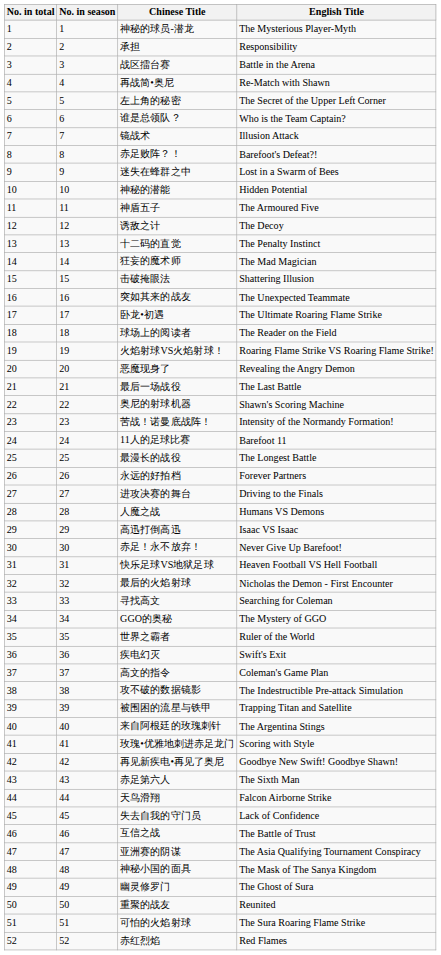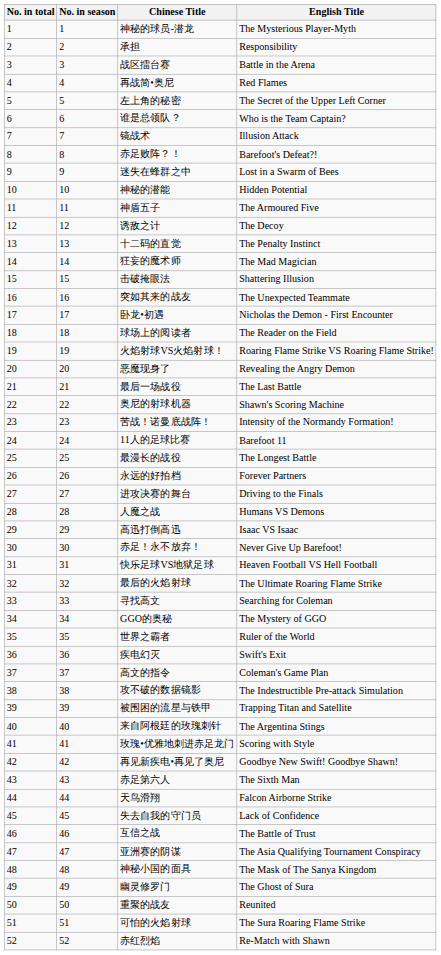 <table class="wikitable">
 <tr bgcolor="#CCC">
 <th>No. in total</th>
 <th>No. in season</th>
 <th>Chinese Title</th>
 <th>English Title</th>
 </tr>
 <tr>
 <td>1</td>
 <td>1</td>
 <td>神秘的球员-潜龙</td>
 <td>The Mysterious Player-Myth</td>
 </tr>
 <tr>
 <td>2</td>
 <td>2</td>
 <td>承担</td>
 <td>Responsibility</td>
 </tr>
 <tr>
 <td>3</td>
 <td>3</td>
 <td>战区擂台赛</td>
 <td>Battle in the Arena</td>
 </tr>
 <tr>
 <td>4</td>
 <td>4</td>
 <td>再战简•奥尼</td>
-<td>Re-Match with Shawn</td>
+<td>Red Flames</td>
 </tr>
 <tr>
 <td>5</td>
 <td>5</td>
 <td>左上角的秘密</td>
 <td>The Secret of the Upper Left Corner</td>
 </tr>
 <tr>
 <td>6</td>
 <td>6</td>
 <td>谁是总领队？</td>
 <td>Who is the Team Captain?</td>
 </tr>
 <tr>
 <td>7</td>
 <td>7</td>
 <td>镜战术</td>
 <td>Illusion Attack</td>
 </tr>
 <tr>
 <td>8</td>
 <td>8</td>
 <td>赤足败阵？！</td>
 <td>Barefoot's Defeat?!</td>
 </tr>
 <tr>
 <td>9</td>
 <td>9</td>
 <td>迷失在蜂群之中</td>
 <td>Lost in a Swarm of Bees</td>
 </tr>
 <tr>
 <td>10</td>
 <td>10</td>
 <td>神秘的潜能</td>
 <td>Hidden Potential</td>
 </tr>
 <tr>
 <td>11</td>
 <td>11</td>
 <td>神盾五子</td>
 <td>The Armoured Five</td>
 </tr>
 <tr>
 <td>12</td>
 <td>12</td>
 <td>诱敌之计</td>
 <td>The Decoy</td>
 </tr>
 <tr>
 <td>13</td>
 <td>13</td>
 <td>十二码的直觉</td>
 <td>The Penalty Instinct</td>
 </tr>
 <tr>
 <td>14</td>
 <td>14</td>
 <td>狂妄的魔术师</td>
 <td>The Mad Magician</td>
 </tr>
 <tr>
 <td>15</td>
 <td>15</td>
 <td>击破掩眼法</td>
 <td>Shattering Illusion</td>
 </tr>
 <tr>
 <td>16</td>
 <td>16</td>
 <td>突如其来的战友</td>
 <td>The Unexpected Teammate</td>
 </tr>
 <tr>
 <td>17</td>
 <td>17</td>
 <td>卧龙•初遇</td>
-<td>The Ultimate Roaring Flame Strike</td>
+<td>Nicholas the Demon - First Encounter</td>
 </tr>
 <tr>
 <td>18</td>
 <td>18</td>
 <td>球场上的阅读者</td>
 <td>The Reader on the Field</td>
 </tr>
 <tr>
 <td>19</td>
 <td>19</td>
 <td>火焰射球VS火焰射球！</td>
 <td>Roaring Flame Strike VS Roaring Flame Strike!</td>
 </tr>
 <tr>
 <td>20</td>
 <td>20</td>
 <td>恶魔现身了</td>
 <td>Revealing the Angry Demon</td>
 </tr>
 <tr>
 <td>21</td>
 <td>21</td>
 <td>最后一场战役</td>
 <td>The Last Battle</td>
 </tr>
 <tr>
 <td>22</td>
 <td>22</td>
 <td>奥尼的射球机器</td>
 <td>Shawn's Scoring Machine</td>
 </tr>
 <tr>
 <td>23</td>
 <td>23</td>
 <td>苦战！诺曼底战阵！</td>
 <td>Intensity of the Normandy Formation!</td>
 </tr>
 <tr>
 <td>24</td>
 <td>24</td>
 <td>11人的足球比赛</td>
 <td>Barefoot 11</td>
 </tr>
 <tr>
 <td>25</td>
 <td>25</td>
 <td>最漫长的战役</td>
 <td>The Longest Battle</td>
 </tr>
 <tr>
 <td>26</td>
 <td>26</td>
 <td>永远的好拍档</td>
 <td>Forever Partners</td>
 </tr>
 <tr>
 <td>27</td>
 <td>27</td>
 <td>进攻决赛的舞台</td>
 <td>Driving to the Finals</td>
 </tr>
 <tr>
 <td>28</td>
 <td>28</td>
 <td>人魔之战</td>
 <td>Humans VS Demons</td>
 </tr>
 <tr>
 <td>29</td>
 <td>29</td>
 <td>高迅打倒高迅</td>
 <td>Isaac VS Isaac</td>
 </tr>
 <tr>
 <td>30</td>
 <td>30</td>
 <td>赤足！永不放弃！</td>
 <td>Never Give Up Barefoot!</td>
 </tr>
 <tr>
 <td>31</td>
 <td>31</td>
 <td>快乐足球VS地狱足球</td>
 <td>Heaven Football VS Hell Football</td>
 </tr>
 <tr>
 <td>32</td>
 <td>32</td>
 <td>最后的火焰射球</td>
-<td>Nicholas the Demon - First Encounter</td>
+<td>The Ultimate Roaring Flame Strike</td>
 </tr>
 <tr>
 <td>33</td>
 <td>33</td>
 <td>寻找高文</td>
 <td>Searching for Coleman</td>
 </tr>
 <tr>
 <td>34</td>
 <td>34</td>
 <td>GGO的奥秘</td>
 <td>The Mystery of GGO</td>
 </tr>
 <tr>
 <td>35</td>
 <td>35</td>
 <td>世界之霸者</td>
 <td>Ruler of the World</td>
 </tr>
 <tr>
 <td>36</td>
 <td>36</td>
 <td>疾电幻灭</td>
 <td>Swift's Exit</td>
 </tr>
 <tr>
 <td>37</td>
 <td>37</td>
 <td>高文的指令</td>
 <td>Coleman's Game Plan</td>
 </tr>
 <tr>
 <td>38</td>
 <td>38</td>
 <td>攻不破的数据镜影</td>
 <td>The Indestructible Pre-attack Simulation</td>
 </tr>
 <tr>
 <td>39</td>
 <td>39</td>
 <td>被围困的流星与铁甲</td>
 <td>Trapping Titan and Satellite</td>
 </tr>
 <tr>
 <td>40</td>
 <td>40</td>
 <td>来自阿根廷的玫瑰刺针</td>
 <td>The Argentina Stings</td>
 </tr>
 <tr>
 <td>41</td>
 <td>41</td>
 <td>玫瑰•优雅地刺进赤足龙门</td>
 <td>Scoring with Style</td>
 </tr>
 <tr>
 <td>42</td>
 <td>42</td>
 <td>再见新疾电•再见了奥尼</td>
 <td>Goodbye New Swift! Goodbye Shawn!</td>
 </tr>
 <tr>
 <td>43</td>
 <td>43</td>
 <td>赤足第六人</td>
 <td>The Sixth Man</td>
 </tr>
 <tr>
 <td>44</td>
 <td>44</td>
 <td>天鸟滑翔</td>
 <td>Falcon Airborne Strike</td>
 </tr>
 <tr>
 <td>45</td>
 <td>45</td>
 <td>失去自我的守门员</td>
 <td>Lack of Confidence</td>
 </tr>
 <tr>
 <td>46</td>
 <td>46</td>
 <td>互信之战</td>
 <td>The Battle of Trust</td>
 </tr>
 <tr>
 <td>47</td>
 <td>47</td>
 <td>亚洲赛的阴谋</td>
 <td>The Asia Qualifying Tournament Conspiracy</td>
 </tr>
 <tr>
 <td>48</td>
 <td>48</td>
 <td>神秘小国的面具</td>
 <td>The Mask of The Sanya Kingdom</td>
 </tr>
 <tr>
 <td>49</td>
 <td>49</td>
 <td>幽灵修罗门</td>
 <td>The Ghost of Sura</td>
 </tr>
 <tr>
 <td>50</td>
 <td>50</td>
 <td>重聚的战友</td>
 <td>Reunited</td>
 </tr>
 <tr>
 <td>51</td>
 <td>51</td>
 <td>可怕的火焰射球</td>
 <td>The Sura Roaring Flame Strike</td>
 </tr>
 <tr>
 <td>52</td>
 <td>52</td>
 <td>赤红烈焰</td>
-<td>Red Flames</td>
+<td>Re-Match with Shawn</td>
 </tr>
 </table>
